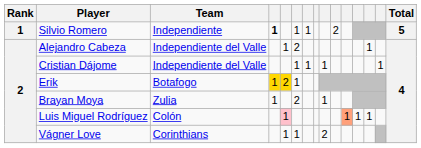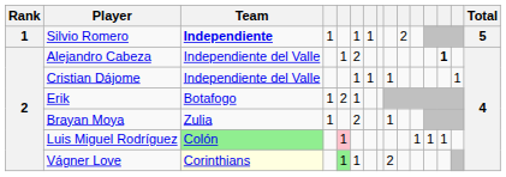 <table class="wikitable" style="text-align:center; font-size:90%">
 <tr>
 <th>Rank</th>
 <th>Player</th>
 <th>Team</th>
 <th></th>
 <th></th>
 <th></th>
 <th></th>
 <th></th>
 <th></th>
 <th></th>
 <th></th>
 <th></th>
 <th></th>
 <th>  </th>
 <th>Total</th>
 </tr>
 <tr>
 <th>1</th>
 <td align=left> <a href='#'>Silvio Romero</a></td>
-<td align=left> <a href='#'>Independiente</a></td>
-<td><strong>1</strong></td>
+<td align=left><strong> <a href='#'>Independiente</a></strong></td>
+<td>1</td>
 <td></td>
 <td>1</td>
 <td>1</td>
 <td></td>
 <td></td>
 <td>2</td>
 <td></td>
 <td bgcolor="silver" colspan=3></td>
 <th>5</th>
 </tr>
 <tr>
 <th rowspan=6>2</th>
 <td align=left> <a href='#'>Alejandro Cabeza</a></td>
 <td align=left> <a href='#'>Independiente del Valle</a></td>
 <td></td>
 <td>1</td>
 <td>2</td>
 <td></td>
 <td></td>
 <td></td>
 <td></td>
 <td></td>
 <td></td>
-<td>1</td>
+<td><strong>1</strong></td>
 <td></td>
 <th rowspan=6>4</th>
 </tr>
 <tr>
 <td align=left> <a href='#'>Cristian Dájome</a></td>
 <td align=left> <a href='#'>Independiente del Valle</a></td>
 <td></td>
 <td></td>
 <td>1</td>
 <td>1</td>
 <td></td>
 <td>1</td>
 <td></td>
 <td></td>
 <td></td>
 <td></td>
 <td>1</td>
 </tr>
 <tr>
 <td align=left> <a href='#'>Erik</a></td>
 <td align=left> <a href='#'>Botafogo</a></td>
-<td style="background: gold;">1</td>
-<td style="background: gold;">2</td>
+<td>1</td>
+<td>2</td>
 <td>1</td>
 <td></td>
 <td></td>
 <td bgcolor="silver" colspan=6></td>
 </tr>
 <tr>
 <td align=left> <a href='#'>Brayan Moya</a></td>
 <td align=left> <a href='#'>Zulia</a></td>
 <td>1</td>
 <td></td>
 <td>2</td>
 <td></td>
 <td></td>
 <td>1</td>
 <td></td>
 <td></td>
 <td bgcolor="silver" colspan=3></td>
 </tr>
 <tr>
 <td align=left> <a href='#'>Luis Miguel Rodríguez</a></td>
-<td align=left> <a href='#'>Colón</a></td>
+<td align=left style="background: lightgreen;"> <a href='#'>Colón</a></td>
 <td></td>
 <td style="background: pink;">1</td>
 <td></td>
 <td></td>
 <td></td>
 <td></td>
 <td></td>
-<td style="background: lightsalmon;">1</td>
+<td>1</td>
 <td>1</td>
 <td>1</td>
 <td></td>
 </tr>
 <tr>
 <td align=left> <a href='#'>Vágner Love</a></td>
-<td align=left> <a href='#'>Corinthians</a></td>
+<td align=left style="background: lightyellow;"> <a href='#'>Corinthians</a></td>
 <td></td>
-<td>1</td>
+<td style="background: lightgreen;">1</td>
 <td>1</td>
 <td></td>
 <td></td>
 <td>2</td>
 <td></td>
 <td></td>
 <td></td>
 <td></td>
 <td bgcolor="silver"></td>
 </tr>
 </table>
